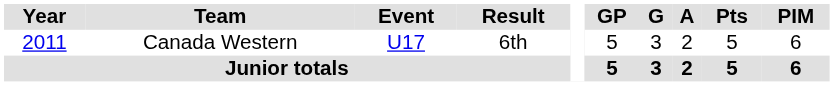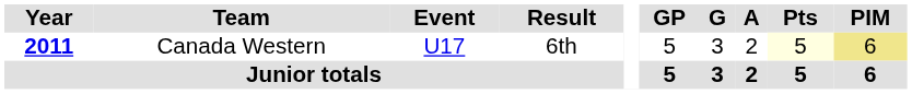 <table border="0" cellpadding="1" cellspacing="0" style="text-align:center; width:40em">
 <tr ALIGN="center" bgcolor="#e0e0e0">
 <th>Year</th>
 <th>Team</th>
 <th>Event</th>
 <th>Result</th>
 <th rowspan="99" bgcolor="#ffffff"> </th>
 <th>GP</th>
 <th>G</th>
 <th>A</th>
 <th>Pts</th>
 <th>PIM</th>
 </tr>
 <tr ALIGN="center">
-<td><a href='#'>2011</a></td>
+<td><strong><a href='#'>2011</a></strong></td>
 <td>Canada Western</td>
 <td><a href='#'>U17</a></td>
 <td>6th</td>
 <td>5</td>
 <td>3</td>
 <td>2</td>
-<td>5</td>
-<td>6</td>
+<td style="background: lightyellow;">5</td>
+<td style="background: khaki;">6</td>
 </tr>
 <tr bgcolor="#e0e0e0">
 <th colspan="4">Junior totals</th>
 <th>5</th>
 <th>3</th>
 <th>2</th>
 <th>5</th>
 <th>6</th>
 </tr>
 </table>
